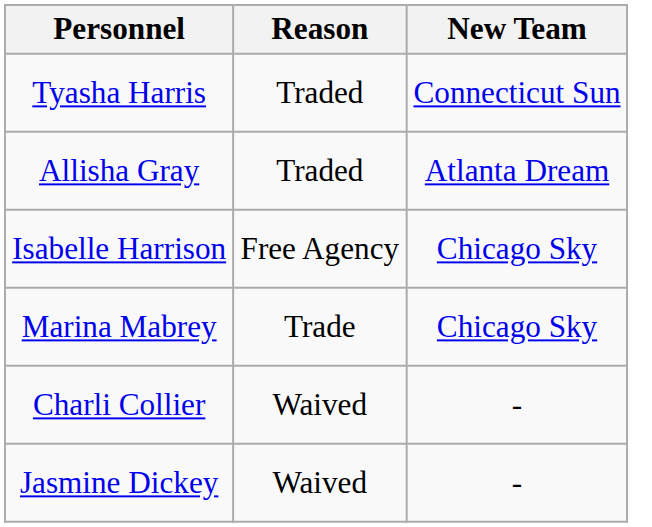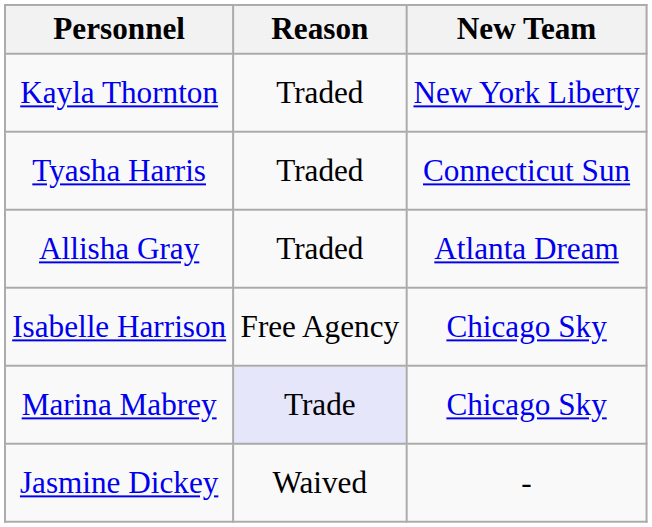 <table class="wikitable" style="text-align: center">
 <tr align="center"  bgcolor="#dddddd">
 <th><strong>Personnel</strong></th>
 <th><strong>Reason</strong></th>
 <th><strong>New Team</strong></th>
+</tr>
+<tr style="height:40px">
+<td><a href='#'>Kayla Thornton</a></td>
+<td>Traded</td>
+<td><a href='#'>New York Liberty</a></td>
 </tr>
 <tr style="height:40px">
 <td><a href='#'>Tyasha Harris</a></td>
 <td>Traded</td>
 <td><a href='#'>Connecticut Sun</a></td>
 </tr>
 <tr style="height:40px">
 <td><a href='#'>Allisha Gray</a></td>
 <td>Traded</td>
 <td><a href='#'>Atlanta Dream</a></td>
 </tr>
 <tr style="height:40px">
 <td><a href='#'>Isabelle Harrison</a></td>
 <td>Free Agency</td>
 <td><a href='#'>Chicago Sky</a></td>
 </tr>
 <tr style="height:40px">
 <td><a href='#'>Marina Mabrey</a></td>
-<td>Trade</td>
+<td style="background: lavender;">Trade</td>
 <td><a href='#'>Chicago Sky</a></td>
-</tr>
-<tr style="height:40px">
-<td><a href='#'>Charli Collier</a></td>
-<td>Waived</td>
-<td>-</td>
 </tr>
 <tr style="height:40px">
 <td><a href='#'>Jasmine Dickey</a></td>
 <td>Waived</td>
 <td>-</td>
 </tr>
 </table>
